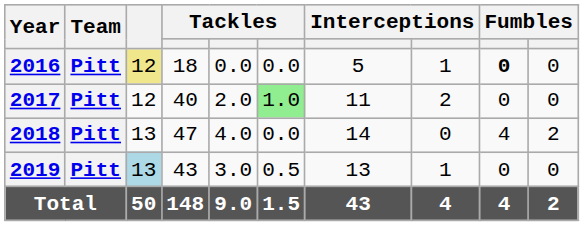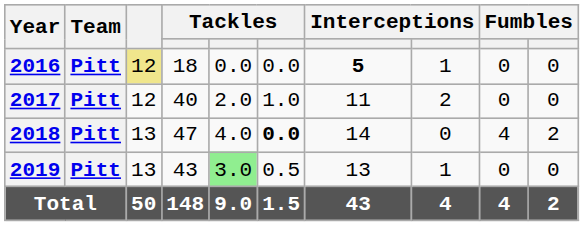 <table class="wikitable" style="text-align:center;">
 <tr>
 <th rowspan="2">Year</th>
 <th rowspan="2">Team</th>
 <th rowspan="2"></th>
 <th colspan="3">Tackles</th>
 <th colspan="2">Interceptions</th>
 <th colspan="2">Fumbles</th>
 </tr>
 <tr>
 <th></th>
 <th></th>
 <th></th>
 <th></th>
 <th></th>
 <th></th>
 <th></th>
 </tr>
 <tr>
 <th><a href='#'>2016</a></th>
 <th><a href='#'>Pitt</a></th>
 <td style="background: khaki;">12</td>
 <td>18</td>
 <td>0.0</td>
 <td>0.0</td>
-<td>5</td>
+<td><strong>5</strong></td>
 <td>1</td>
-<td><strong>0</strong></td>
+<td>0</td>
 <td>0</td>
 </tr>
 <tr>
 <th><a href='#'>2017</a></th>
 <th><a href='#'>Pitt</a></th>
 <td>12</td>
 <td>40</td>
 <td>2.0</td>
-<td style="background: lightgreen;">1.0</td>
+<td>1.0</td>
 <td>11</td>
 <td>2</td>
 <td>0</td>
 <td>0</td>
 </tr>
 <tr>
 <th><a href='#'>2018</a></th>
 <th><a href='#'>Pitt</a></th>
 <td>13</td>
 <td>47</td>
 <td>4.0</td>
-<td>0.0</td>
+<td><strong>0.0</strong></td>
 <td>14</td>
 <td>0</td>
 <td>4</td>
 <td>2</td>
 </tr>
 <tr>
 <th><a href='#'>2019</a></th>
 <th><a href='#'>Pitt</a></th>
-<td style="background: lightblue;">13</td>
+<td>13</td>
 <td>43</td>
-<td>3.0</td>
+<td style="background: lightgreen;">3.0</td>
 <td>0.5</td>
 <td>13</td>
 <td>1</td>
 <td>0</td>
 <td>0</td>
 </tr>
 <tr style="background:#555; font-weight:bold; color:white;">
 <td colspan=2>Total</td>
 <td>50</td>
 <td>148</td>
 <td>9.0</td>
 <td>1.5</td>
 <td>43</td>
 <td>4</td>
 <td>4</td>
 <td>2</td>
 </tr>
 </table>
